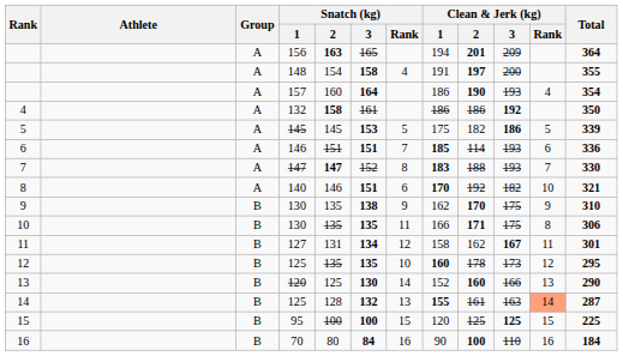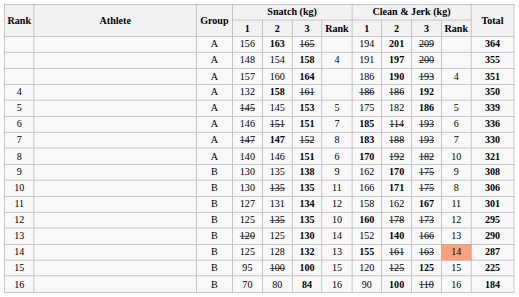 <table class = "wikitable" style="text-align:center;">
 <tr>
 <th rowspan=2 width=40>Rank</th>
 <th rowspan=2 width=250>Athlete</th>
 <th rowspan=2 width=50>Group</th>
 <th colspan=4>Snatch (kg)</th>
 <th colspan=4>Clean & Jerk (kg)</th>
 <th rowspan=2 width=60>Total</th>
 </tr>
 <tr>
 <th width=40>1</th>
 <th width=40>2</th>
 <th width=40>3</th>
 <th width=40>Rank</th>
 <th width=40>1</th>
 <th width=40>2</th>
 <th width=40>3</th>
 <th width=40>Rank</th>
 </tr>
 <tr>
 <td></td>
 <td align=left></td>
 <td>A</td>
 <td>156</td>
 <td><strong>163</strong></td>
 <td><s>165</s></td>
 <td></td>
 <td>194</td>
 <td><strong>201</strong></td>
 <td><s>209</s></td>
 <td></td>
 <td><strong>364</strong></td>
 </tr>
 <tr>
 <td></td>
 <td align=left></td>
 <td>A</td>
 <td>148</td>
 <td>154</td>
 <td><strong>158</strong></td>
 <td>4</td>
 <td>191</td>
 <td><strong>197</strong></td>
 <td><s>200</s></td>
 <td></td>
 <td><strong>355</strong></td>
 </tr>
 <tr>
 <td></td>
 <td align=left></td>
 <td>A</td>
 <td>157</td>
 <td>160</td>
 <td><strong>164</strong></td>
 <td></td>
 <td>186</td>
 <td><strong>190</strong></td>
 <td><s>193</s></td>
 <td>4</td>
-<td><strong>354</strong></td>
+<td><strong>351</strong></td>
 </tr>
 <tr>
 <td>4</td>
 <td align=left></td>
 <td>A</td>
 <td>132</td>
 <td><strong>158</strong></td>
 <td><s>161</s></td>
 <td></td>
 <td><s>186</s></td>
 <td><s>186</s></td>
 <td><strong>192</strong></td>
 <td></td>
 <td><strong>350</strong></td>
 </tr>
 <tr>
 <td>5</td>
 <td align=left></td>
 <td>A</td>
 <td><s>145</s></td>
 <td>145</td>
 <td><strong>153</strong></td>
 <td>5</td>
 <td>175</td>
 <td>182</td>
 <td><strong>186</strong></td>
 <td>5</td>
 <td><strong>339</strong></td>
 </tr>
 <tr>
 <td>6</td>
 <td align=left></td>
 <td>A</td>
 <td>146</td>
 <td><s>151</s></td>
 <td><strong>151</strong></td>
 <td>7</td>
 <td><strong>185</strong></td>
 <td><s>114</s></td>
 <td><s>193</s></td>
 <td>6</td>
 <td><strong>336</strong></td>
 </tr>
 <tr>
 <td>7</td>
 <td align=left></td>
 <td>A</td>
 <td><s>147</s></td>
 <td><strong>147</strong></td>
 <td><s>152</s></td>
 <td>8</td>
 <td><strong>183</strong></td>
 <td><s>188</s></td>
 <td><s>193</s></td>
 <td>7</td>
 <td><strong>330</strong></td>
 </tr>
 <tr>
 <td>8</td>
 <td align=left></td>
 <td>A</td>
 <td>140</td>
 <td>146</td>
 <td><strong>151</strong></td>
 <td>6</td>
 <td><strong>170</strong></td>
 <td><s>192</s></td>
 <td><s>182</s></td>
 <td>10</td>
 <td><strong>321</strong></td>
 </tr>
 <tr>
 <td>9</td>
 <td align=left></td>
 <td>B</td>
 <td>130</td>
 <td>135</td>
 <td><strong>138</strong></td>
 <td>9</td>
 <td>162</td>
 <td><strong>170</strong></td>
 <td><s>175</s></td>
 <td>9</td>
-<td><strong>310</strong></td>
+<td><strong>308</strong></td>
 </tr>
 <tr>
 <td>10</td>
 <td align=left></td>
 <td>B</td>
 <td>130</td>
 <td><s>135</s></td>
 <td><strong>135</strong></td>
 <td>11</td>
 <td>166</td>
 <td><strong>171</strong></td>
 <td><s>175</s></td>
 <td>8</td>
 <td><strong>306</strong></td>
 </tr>
 <tr>
 <td>11</td>
 <td align=left></td>
 <td>B</td>
 <td>127</td>
 <td>131</td>
 <td><strong>134</strong></td>
 <td>12</td>
 <td>158</td>
 <td>162</td>
 <td><strong>167</strong></td>
 <td>11</td>
 <td><strong>301</strong></td>
 </tr>
 <tr>
 <td>12</td>
 <td align=left></td>
 <td>B</td>
 <td>125</td>
 <td><s>135</s></td>
 <td><strong>135</strong></td>
 <td>10</td>
 <td><strong>160</strong></td>
 <td><s>178</s></td>
 <td><s>173</s></td>
 <td>12</td>
 <td><strong>295</strong></td>
 </tr>
 <tr>
 <td>13</td>
 <td align=left></td>
 <td>B</td>
 <td><s>120</s></td>
 <td>125</td>
 <td><strong>130</strong></td>
 <td>14</td>
 <td>152</td>
-<td><strong>160</strong></td>
+<td><strong>140</strong></td>
 <td><s>166</s></td>
 <td>13</td>
 <td><strong>290</strong></td>
 </tr>
 <tr>
 <td>14</td>
 <td align=left></td>
 <td>B</td>
 <td>125</td>
 <td>128</td>
 <td><strong>132</strong></td>
 <td>13</td>
 <td><strong>155</strong></td>
 <td><s>161</s></td>
 <td><s>163</s></td>
 <td style="background: lightsalmon;">14</td>
 <td><strong>287</strong></td>
 </tr>
 <tr>
 <td>15</td>
 <td align=left></td>
 <td>B</td>
 <td>95</td>
 <td><s>100</s></td>
 <td><strong>100</strong></td>
 <td>15</td>
 <td>120</td>
 <td><s>125</s></td>
 <td><strong>125</strong></td>
 <td>15</td>
 <td><strong>225</strong></td>
 </tr>
 <tr>
 <td>16</td>
 <td align=left></td>
 <td>B</td>
 <td>70</td>
 <td>80</td>
 <td><strong>84</strong></td>
 <td>16</td>
 <td>90</td>
 <td><strong>100</strong></td>
 <td><s>110</s></td>
 <td>16</td>
 <td><strong>184</strong></td>
 </tr>
 </table>
